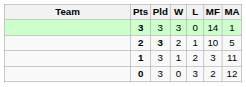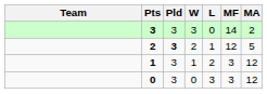 <table class=wikitable style="text-align:center">
 <tr>
 <th width=200>Team</th>
 <th width=20>Pts</th>
 <th width=20>Pld</th>
 <th width=20>W</th>
 <th width=20>L</th>
 <th width=20>MF</th>
 <th width=20>MA</th>
 </tr>
 <tr bgcolor=ccffcc>
 <td style="text-align:left"><strong></strong></td>
 <td><strong>3</strong></td>
 <td>3</td>
 <td>3</td>
 <td>0</td>
 <td>14</td>
-<td>1</td>
+<td>2</td>
 </tr>
 <tr>
 <td style="text-align:left"></td>
 <td><strong>2</strong></td>
 <td><strong>3</strong></td>
 <td>2</td>
 <td>1</td>
-<td>10</td>
+<td>12</td>
 <td>5</td>
 </tr>
 <tr>
 <td style="text-align:left"></td>
 <td><strong>1</strong></td>
 <td>3</td>
 <td>1</td>
 <td>2</td>
 <td>3</td>
-<td>11</td>
+<td>12</td>
 </tr>
 <tr>
 <td style="text-align:left"></td>
 <td><strong>0</strong></td>
 <td>3</td>
 <td>0</td>
 <td>3</td>
-<td>2</td>
+<td>3</td>
 <td>12</td>
 </tr>
 </table>
